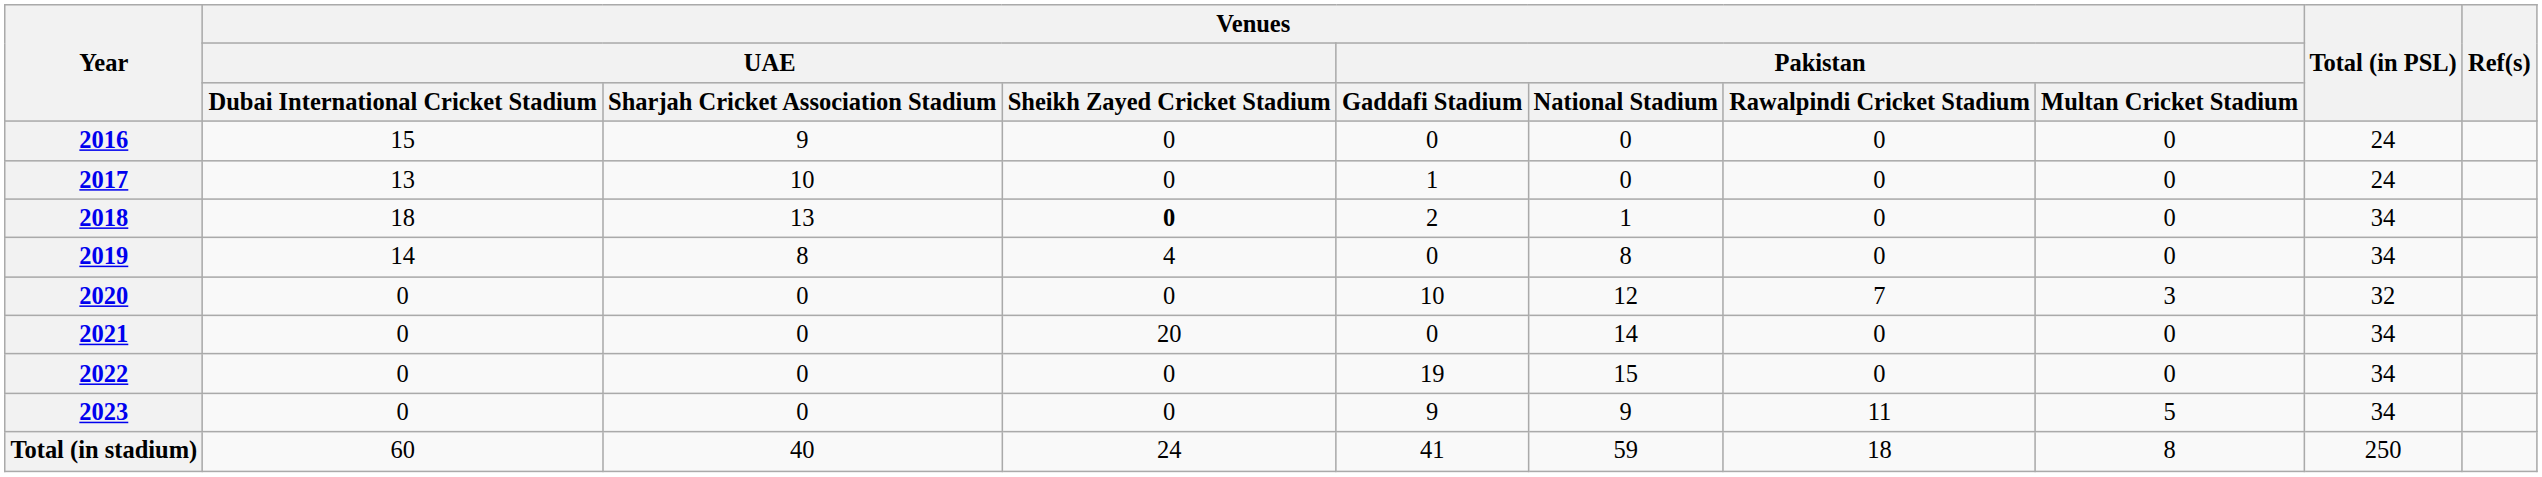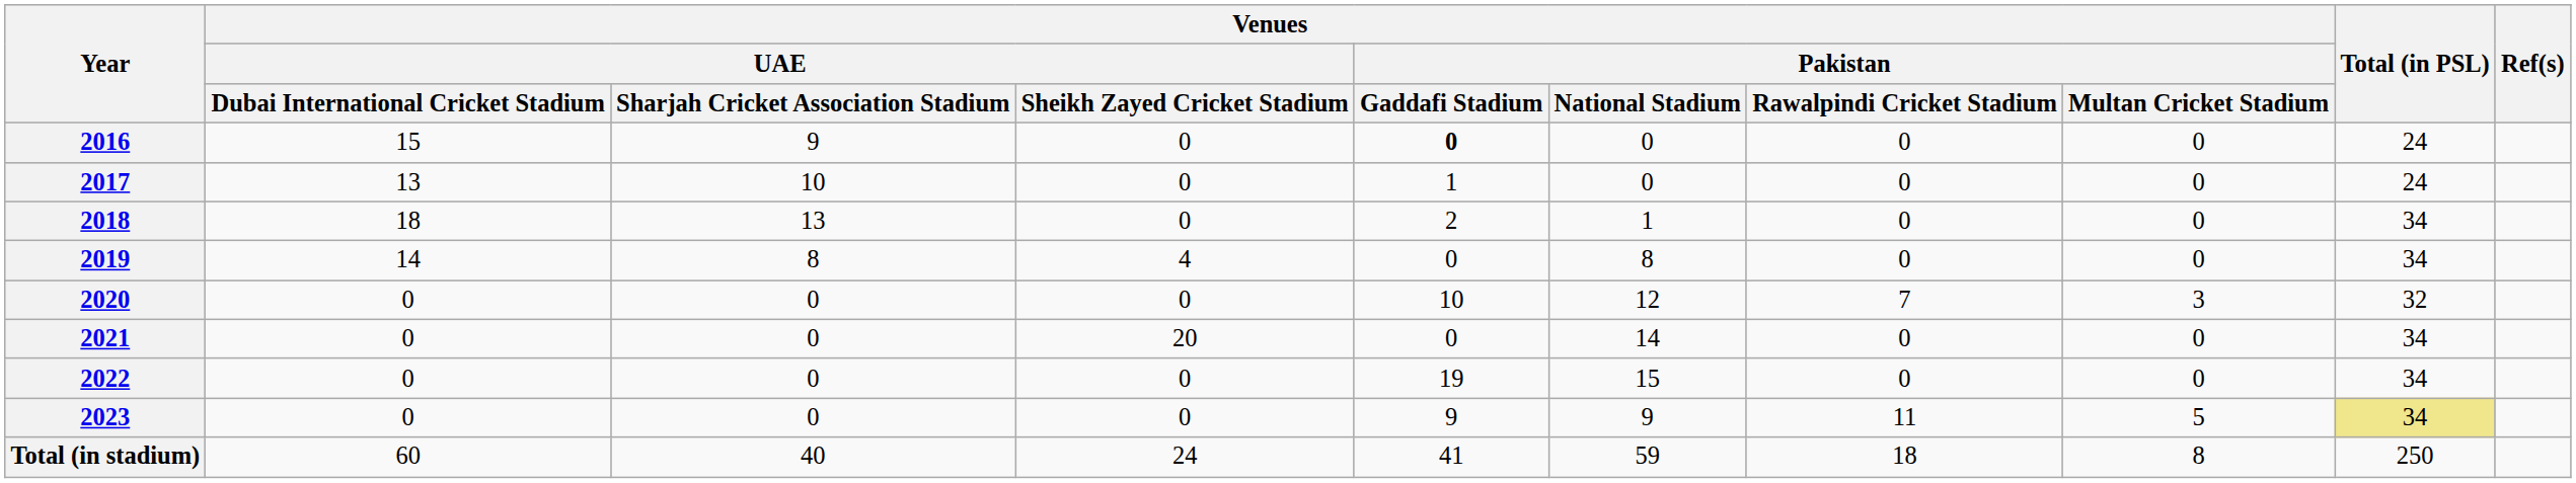 <table class="wikitable" style="text-align:center;">
 <tr>
 <th rowspan="3">Year</th>
 <th colspan="7">Venues</th>
 <th rowspan="3">Total (in PSL)</th>
 <th rowspan="3">Ref(s)</th>
 </tr>
 <tr>
 <th colspan="3">UAE</th>
 <th colspan="4">Pakistan</th>
 </tr>
 <tr>
 <th>Dubai International Cricket Stadium</th>
 <th>Sharjah Cricket Association Stadium</th>
 <th>Sheikh Zayed Cricket Stadium</th>
 <th>Gaddafi Stadium</th>
 <th>National Stadium</th>
 <th>Rawalpindi Cricket Stadium</th>
 <th>Multan Cricket Stadium</th>
 </tr>
 <tr>
 <th><a href='#'>2016</a></th>
 <td>15</td>
 <td>9</td>
 <td>0</td>
-<td>0</td>
+<td><strong>0</strong></td>
 <td>0</td>
 <td>0</td>
 <td>0</td>
 <td>24</td>
 <td></td>
 </tr>
 <tr>
 <th><a href='#'>2017</a></th>
 <td>13</td>
 <td>10</td>
 <td>0</td>
 <td>1</td>
 <td>0</td>
 <td>0</td>
 <td>0</td>
 <td>24</td>
 <td></td>
 </tr>
 <tr>
 <th><a href='#'>2018</a></th>
 <td>18</td>
 <td>13</td>
-<td><strong>0</strong></td>
+<td>0</td>
 <td>2</td>
 <td>1</td>
 <td>0</td>
 <td>0</td>
 <td>34</td>
 <td></td>
 </tr>
 <tr>
 <th><a href='#'>2019</a></th>
 <td>14</td>
 <td>8</td>
 <td>4</td>
 <td>0</td>
 <td>8</td>
 <td>0</td>
 <td>0</td>
 <td>34</td>
 <td></td>
 </tr>
 <tr>
 <th><a href='#'>2020</a></th>
 <td>0</td>
 <td>0</td>
 <td>0</td>
 <td>10</td>
 <td>12</td>
 <td>7</td>
 <td>3</td>
 <td>32</td>
 <td></td>
 </tr>
 <tr>
 <th><a href='#'>2021</a></th>
 <td>0</td>
 <td>0</td>
 <td>20</td>
 <td>0</td>
 <td>14</td>
 <td>0</td>
 <td>0</td>
 <td>34</td>
 <td></td>
 </tr>
 <tr>
 <th><a href='#'>2022</a></th>
 <td>0</td>
 <td>0</td>
 <td>0</td>
 <td>19</td>
 <td>15</td>
 <td>0</td>
 <td>0</td>
 <td>34</td>
 <td></td>
 </tr>
 <tr>
 <th><a href='#'>2023</a></th>
 <td>0</td>
 <td>0</td>
 <td>0</td>
 <td>9</td>
 <td>9</td>
 <td>11</td>
 <td>5</td>
-<td>34</td>
+<td style="background: khaki;">34</td>
 <td></td>
 </tr>
 <tr>
 <th>Total (in stadium)</th>
 <td>60</td>
 <td>40</td>
 <td>24</td>
 <td>41</td>
 <td>59</td>
 <td>18</td>
 <td>8</td>
 <td>250</td>
 <td></td>
 </tr>
 </table>
